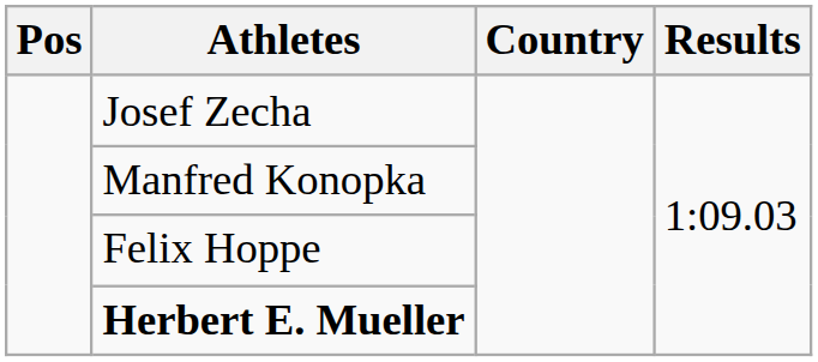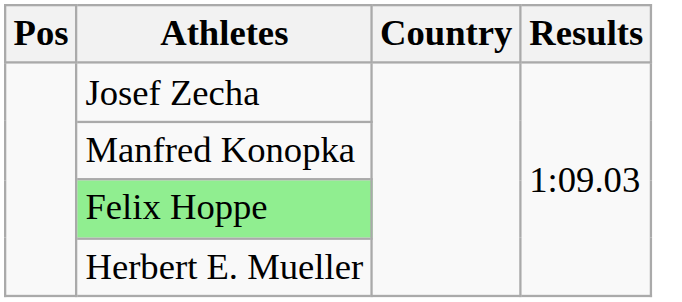 <table class="wikitable">
 <tr>
 <th>Pos</th>
 <th>Athletes</th>
 <th>Country</th>
 <th>Results</th>
 </tr>
 <tr>
 <td rowspan="4"></td>
 <td>Josef Zecha</td>
 <td rowspan="4"></td>
 <td rowspan="4">1:09.03</td>
 </tr>
 <tr>
 <td>Manfred Konopka</td>
 </tr>
 <tr>
-<td>Felix Hoppe</td>
+<td style="background: lightgreen;">Felix Hoppe</td>
 </tr>
 <tr>
-<td><strong>Herbert E. Mueller</strong></td>
+<td>Herbert E. Mueller</td>
 </tr>
 </table>
